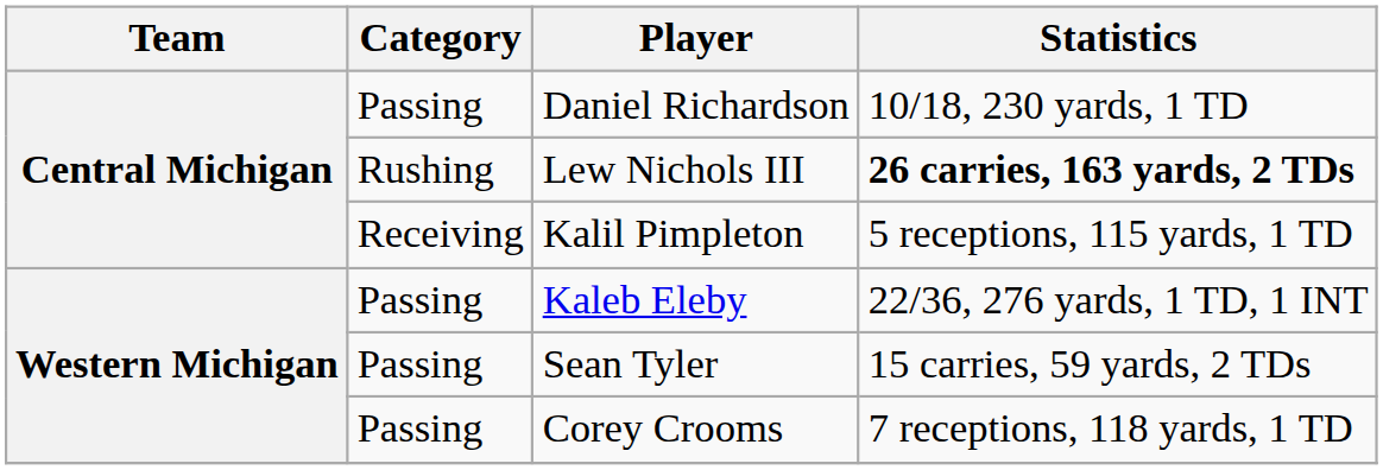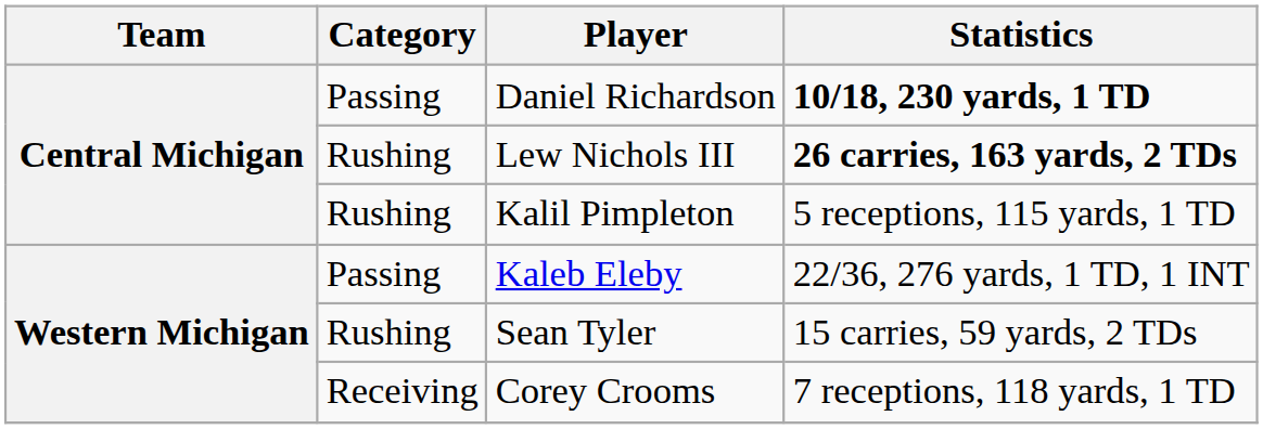 <table class="wikitable" style="float: left;">
 <tr>
 <th>Team</th>
 <th>Category</th>
 <th>Player</th>
 <th>Statistics</th>
 </tr>
 <tr>
 <th rowspan=3>Central Michigan</th>
 <td>Passing</td>
 <td>Daniel Richardson</td>
-<td>10/18, 230 yards, 1 TD</td>
+<td><strong>10/18, 230 yards, 1 TD</strong></td>
 </tr>
 <tr>
 <td>Rushing</td>
 <td>Lew Nichols III</td>
 <td><strong>26 carries, 163 yards, 2 TDs</strong></td>
 </tr>
 <tr>
-<td>Receiving</td>
+<td>Rushing</td>
 <td>Kalil Pimpleton</td>
 <td>5 receptions, 115 yards, 1 TD</td>
 </tr>
 <tr>
 <th rowspan=3 style=>Western Michigan</th>
 <td>Passing</td>
 <td><a href='#'>Kaleb Eleby</a></td>
 <td>22/36, 276 yards, 1 TD, 1 INT</td>
 </tr>
 <tr>
-<td>Passing</td>
+<td>Rushing</td>
 <td>Sean Tyler</td>
 <td>15 carries, 59 yards, 2 TDs</td>
 </tr>
 <tr>
-<td>Passing</td>
+<td>Receiving</td>
 <td>Corey Crooms</td>
 <td>7 receptions, 118 yards, 1 TD</td>
 </tr>
 <tr>
 </tr>
 </table>
